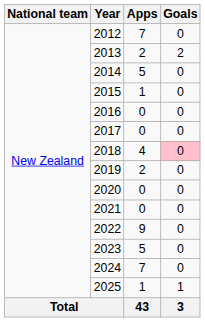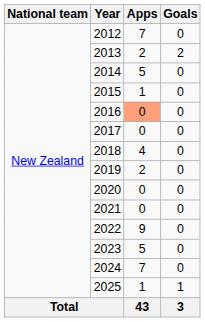 <table class="wikitable" style="text-align:center">
 <tr>
 <th>National team</th>
 <th>Year</th>
 <th>Apps</th>
 <th>Goals</th>
 </tr>
 <tr>
 <td rowspan="14"><a href='#'>New Zealand</a></td>
 <td>2012</td>
 <td>7</td>
 <td>0</td>
 </tr>
 <tr>
 <td>2013</td>
 <td>2</td>
 <td>2</td>
 </tr>
 <tr>
 <td>2014</td>
 <td>5</td>
 <td>0</td>
 </tr>
 <tr>
 <td>2015</td>
 <td>1</td>
 <td>0</td>
 </tr>
 <tr>
 <td>2016</td>
-<td>0</td>
+<td style="background: lightsalmon;">0</td>
 <td>0</td>
 </tr>
 <tr>
 <td>2017</td>
 <td>0</td>
 <td>0</td>
 </tr>
 <tr>
 <td>2018</td>
 <td>4</td>
-<td style="background: pink;">0</td>
+<td>0</td>
 </tr>
 <tr>
 <td>2019</td>
 <td>2</td>
 <td>0</td>
 </tr>
 <tr>
 <td>2020</td>
 <td>0</td>
 <td>0</td>
 </tr>
 <tr>
 <td>2021</td>
 <td>0</td>
 <td>0</td>
 </tr>
 <tr>
 <td>2022</td>
 <td>9</td>
 <td>0</td>
 </tr>
 <tr>
 <td>2023</td>
 <td>5</td>
 <td>0</td>
 </tr>
 <tr>
 <td>2024</td>
 <td>7</td>
 <td>0</td>
 </tr>
 <tr>
 <td>2025</td>
 <td>1</td>
 <td>1</td>
 </tr>
 <tr>
 <th colspan="2">Total</th>
 <th>43</th>
 <th>3</th>
 </tr>
 </table>
